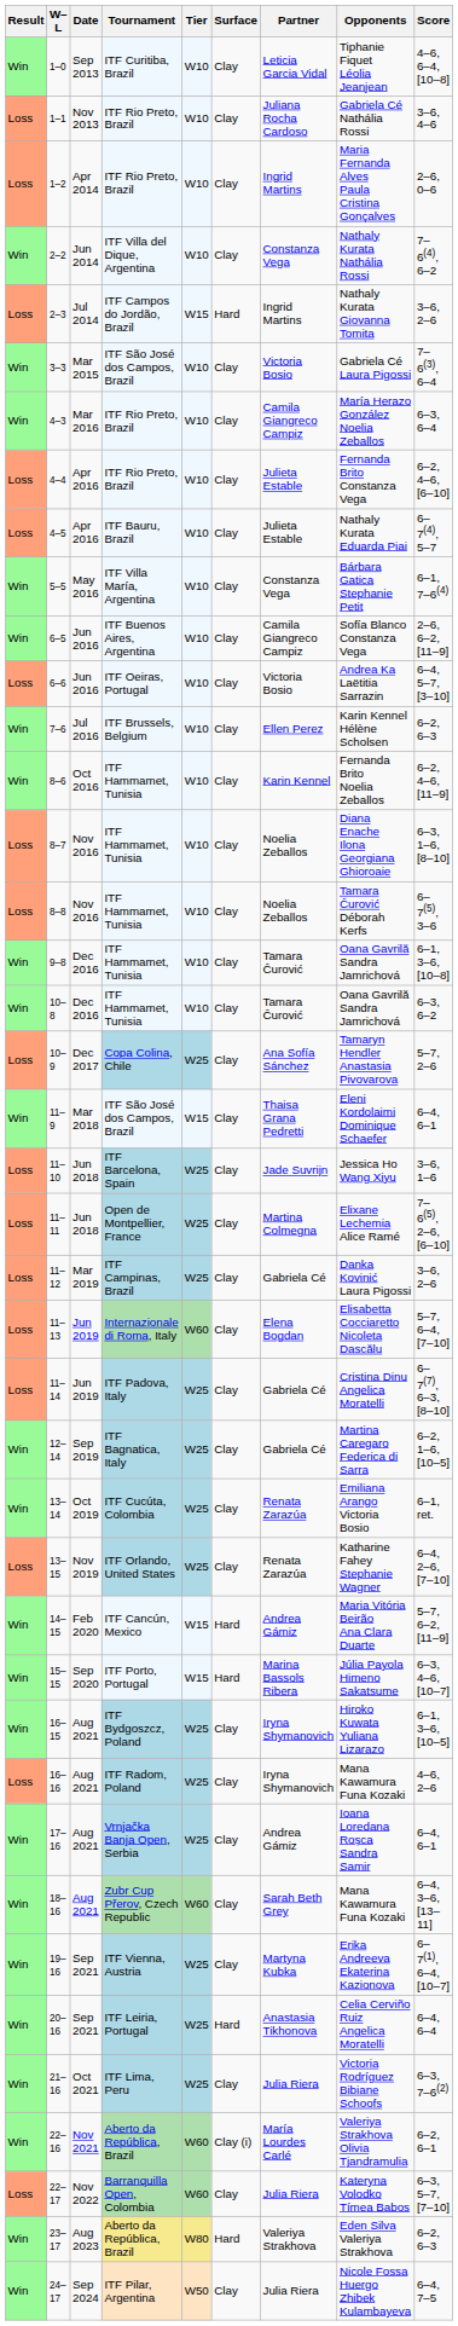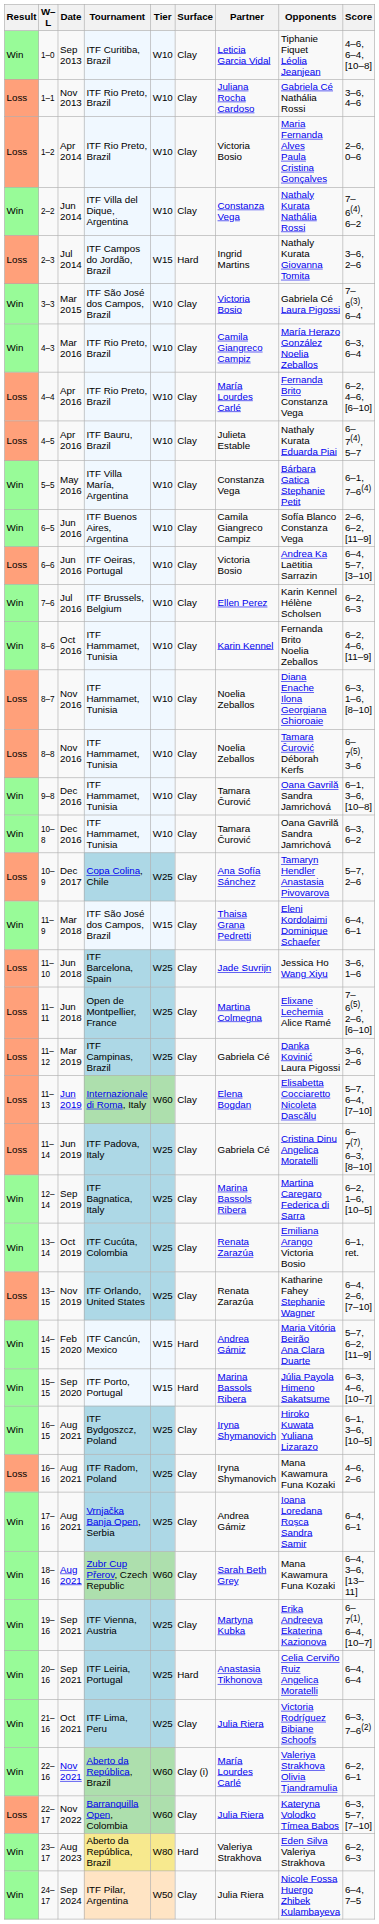 <table class="sortable wikitable">
 <tr>
 <th>Result</th>
 <th class="unsortable">W–L</th>
 <th>Date</th>
 <th>Tournament</th>
 <th>Tier</th>
 <th>Surface</th>
 <th>Partner</th>
 <th>Opponents</th>
 <th class="unsortable">Score</th>
 </tr>
 <tr>
 <td bgcolor="98FB98">Win</td>
 <td><small>1–0</small></td>
 <td>Sep 2013</td>
 <td style="background:#f0f8ff;">ITF Curitiba, Brazil</td>
 <td style="background:#f0f8ff;">W10</td>
 <td>Clay</td>
 <td> <a href='#'>Leticia Garcia Vidal</a></td>
 <td> Tiphanie Fiquet <br>  <a href='#'>Léolia Jeanjean</a></td>
 <td>4–6, 6–4, [10–8]</td>
 </tr>
 <tr>
 <td style="background:#ffa07a;">Loss</td>
 <td><small>1–1</small></td>
 <td>Nov 2013</td>
 <td style="background:#f0f8ff;">ITF Rio Preto, Brazil</td>
 <td style="background:#f0f8ff;">W10</td>
 <td>Clay</td>
 <td> <a href='#'>Juliana Rocha Cardoso</a></td>
 <td> <a href='#'>Gabriela Cé</a> <br>  Nathália Rossi</td>
 <td>3–6, 4–6</td>
 </tr>
 <tr>
 <td style="background:#ffa07a;">Loss</td>
 <td><small>1–2</small></td>
 <td>Apr 2014</td>
 <td style="background:#f0f8ff;">ITF Rio Preto, Brazil</td>
 <td style="background:#f0f8ff;">W10</td>
 <td>Clay</td>
-<td> <a href='#'>Ingrid Martins</a></td>
+<td> Victoria Bosio</td>
 <td> <a href='#'>Maria Fernanda Alves</a> <br>  <a href='#'>Paula Cristina Gonçalves</a></td>
 <td>2–6, 0–6</td>
 </tr>
 <tr>
 <td bgcolor="98FB98">Win</td>
 <td><small>2–2</small></td>
 <td>Jun 2014</td>
 <td style="background:#f0f8ff;">ITF Villa del Dique, Argentina</td>
 <td style="background:#f0f8ff;">W10</td>
 <td>Clay</td>
 <td> <a href='#'>Constanza Vega</a></td>
 <td> <a href='#'>Nathaly Kurata</a> <br>  <a href='#'>Nathália Rossi</a></td>
 <td>7–6<sup>(4)</sup>, 6–2</td>
 </tr>
 <tr>
 <td style="background:#ffa07a;">Loss</td>
 <td><small>2–3</small></td>
 <td>Jul 2014</td>
 <td style="background:#f0f8ff;">ITF Campos do Jordão, Brazil</td>
 <td style="background:#f0f8ff;">W15</td>
 <td>Hard</td>
 <td> Ingrid Martins</td>
 <td> Nathaly Kurata <br>  <a href='#'>Giovanna Tomita</a></td>
 <td>3–6, 2–6</td>
 </tr>
 <tr>
 <td style="background:#98fb98;">Win</td>
 <td><small>3–3</small></td>
 <td>Mar 2015</td>
 <td style="background:#f0f8ff;">ITF São José dos Campos, Brazil</td>
 <td style="background:#f0f8ff;">W10</td>
 <td>Clay</td>
 <td> <a href='#'>Victoria Bosio</a></td>
 <td> Gabriela Cé <br>  <a href='#'>Laura Pigossi</a></td>
 <td>7–6<sup>(3)</sup>, 6–4</td>
 </tr>
 <tr>
 <td style="background:#98fb98;">Win</td>
 <td><small>4–3</small></td>
 <td>Mar 2016</td>
 <td style="background:#f0f8ff;">ITF Rio Preto, Brazil</td>
 <td style="background:#f0f8ff;">W10</td>
 <td>Clay</td>
 <td> <a href='#'>Camila Giangreco Campiz</a></td>
 <td> <a href='#'>María Herazo González</a> <br>  <a href='#'>Noelia Zeballos</a></td>
 <td>6–3, 6–4</td>
 </tr>
 <tr>
 <td style="background:#ffa07a;">Loss</td>
 <td><small>4–4</small></td>
 <td>Apr 2016</td>
 <td style="background:#f0f8ff;">ITF Rio Preto, Brazil</td>
 <td style="background:#f0f8ff;">W10</td>
 <td>Clay</td>
-<td> <a href='#'>Julieta Estable</a></td>
+<td> <a href='#'>María Lourdes Carlé</a></td>
 <td> <a href='#'>Fernanda Brito</a> <br>  Constanza Vega</td>
 <td>6–2, 4–6, [6–10]</td>
 </tr>
 <tr>
 <td style="background:#ffa07a;">Loss</td>
 <td><small>4–5</small></td>
 <td>Apr 2016</td>
 <td style="background:#f0f8ff;">ITF Bauru, Brazil</td>
 <td style="background:#f0f8ff;">W10</td>
 <td>Clay</td>
 <td> Julieta Estable</td>
 <td> Nathaly Kurata <br>  <a href='#'>Eduarda Piai</a></td>
 <td>6–7<sup>(4)</sup>, 5–7</td>
 </tr>
 <tr>
 <td style="background:#98fb98;">Win</td>
 <td><small>5–5</small></td>
 <td>May 2016</td>
 <td style="background:#f0f8ff;">ITF Villa María, Argentina</td>
 <td style="background:#f0f8ff;">W10</td>
 <td>Clay</td>
 <td> Constanza Vega</td>
 <td> <a href='#'>Bárbara Gatica</a> <br>  <a href='#'>Stephanie Petit</a></td>
 <td>6–1, 7–6<sup>(4)</sup></td>
 </tr>
 <tr>
 <td style="background:#98fb98;">Win</td>
 <td><small>6–5</small></td>
 <td>Jun 2016</td>
 <td style="background:#f0f8ff;">ITF Buenos Aires, Argentina</td>
 <td style="background:#f0f8ff;">W10</td>
 <td>Clay</td>
 <td> Camila Giangreco Campiz</td>
 <td> Sofía Blanco <br>  Constanza Vega</td>
 <td>2–6, 6–2, [11–9]</td>
 </tr>
 <tr>
 <td style="background:#ffa07a;">Loss</td>
 <td><small>6–6</small></td>
 <td>Jun 2016</td>
 <td style="background:#f0f8ff;">ITF Oeiras, Portugal</td>
 <td style="background:#f0f8ff;">W10</td>
 <td>Clay</td>
 <td> Victoria Bosio</td>
 <td> <a href='#'>Andrea Ka</a> <br>  Laëtitia Sarrazin</td>
 <td>6–4, 5–7, [3–10]</td>
 </tr>
 <tr>
 <td style="background:#98fb98;">Win</td>
 <td><small>7–6</small></td>
 <td>Jul 2016</td>
 <td style="background:#f0f8ff;">ITF Brussels, Belgium</td>
 <td style="background:#f0f8ff;">W10</td>
 <td>Clay</td>
 <td> <a href='#'>Ellen Perez</a></td>
 <td> Karin Kennel <br>  Hélène Scholsen</td>
 <td>6–2, 6–3</td>
 </tr>
 <tr>
 <td style="background:#98fb98;">Win</td>
 <td><small>8–6</small></td>
 <td>Oct 2016</td>
 <td style="background:#f0f8ff;">ITF Hammamet, Tunisia</td>
 <td style="background:#f0f8ff;">W10</td>
 <td>Clay</td>
 <td> <a href='#'>Karin Kennel</a></td>
 <td> Fernanda Brito <br>  Noelia Zeballos</td>
 <td>6–2, 4–6, [11–9]</td>
 </tr>
 <tr>
 <td style="background:#ffa07a;">Loss</td>
 <td><small>8–7</small></td>
 <td>Nov 2016</td>
 <td style="background:#f0f8ff;">ITF Hammamet, Tunisia</td>
 <td style="background:#f0f8ff;">W10</td>
 <td>Clay</td>
 <td> Noelia Zeballos</td>
 <td> <a href='#'>Diana Enache</a> <br>  <a href='#'>Ilona Georgiana Ghioroaie</a></td>
 <td>6–3, 1–6, [8–10]</td>
 </tr>
 <tr>
 <td style="background:#ffa07a;">Loss</td>
 <td><small>8–8</small></td>
 <td>Nov 2016</td>
 <td style="background:#f0f8ff;">ITF Hammamet, Tunisia</td>
 <td style="background:#f0f8ff;">W10</td>
 <td>Clay</td>
 <td> Noelia Zeballos</td>
 <td> <a href='#'>Tamara Čurović</a> <br>  Déborah Kerfs</td>
 <td>6–7<sup>(5)</sup>, 3–6</td>
 </tr>
 <tr>
 <td style="background:#98fb98;">Win</td>
 <td><small>9–8</small></td>
 <td>Dec 2016</td>
 <td style="background:#f0f8ff;">ITF Hammamet, Tunisia</td>
 <td style="background:#f0f8ff;">W10</td>
 <td>Clay</td>
 <td> Tamara Čurović</td>
 <td> <a href='#'>Oana Gavrilă</a> <br>  Sandra Jamrichová</td>
 <td>6–1, 3–6, [10–8]</td>
 </tr>
 <tr>
 <td style="background:#98fb98;">Win</td>
 <td><small>10–8</small></td>
 <td>Dec 2016</td>
 <td style="background:#f0f8ff;">ITF Hammamet, Tunisia</td>
 <td style="background:#f0f8ff;">W10</td>
 <td>Clay</td>
 <td> Tamara Čurović</td>
 <td> Oana Gavrilă <br>  Sandra Jamrichová</td>
 <td>6–3, 6–2</td>
 </tr>
 <tr>
 <td style="background:#ffa07a;">Loss</td>
 <td><small>10–9</small></td>
 <td>Dec 2017</td>
 <td style="background:lightblue;"><a href='#'>Copa Colina</a>, Chile</td>
 <td style="background:lightblue;">W25</td>
 <td>Clay</td>
 <td> <a href='#'>Ana Sofía Sánchez</a></td>
 <td> <a href='#'>Tamaryn Hendler</a> <br>  <a href='#'>Anastasia Pivovarova</a></td>
 <td>5–7, 2–6</td>
 </tr>
 <tr>
 <td style="background:#98fb98;">Win</td>
 <td><small>11–9</small></td>
 <td>Mar 2018</td>
 <td style="background:#f0f8ff;">ITF São José dos Campos, Brazil</td>
 <td style="background:#f0f8ff;">W15</td>
 <td>Clay</td>
 <td> <a href='#'>Thaisa Grana Pedretti</a></td>
 <td> <a href='#'>Eleni Kordolaimi</a> <br>  <a href='#'>Dominique Schaefer</a></td>
 <td>6–4, 6–1</td>
 </tr>
 <tr>
 <td style="background:#ffa07a;">Loss</td>
 <td><small>11–10</small></td>
 <td>Jun 2018</td>
 <td style="background:lightblue;">ITF Barcelona, Spain</td>
 <td style="background:lightblue;">W25</td>
 <td>Clay</td>
 <td> <a href='#'>Jade Suvrijn</a></td>
 <td> Jessica Ho <br>  <a href='#'>Wang Xiyu</a></td>
 <td>3–6, 1–6</td>
 </tr>
 <tr>
 <td style="background:#ffa07a;">Loss</td>
 <td><small>11–11</small></td>
 <td>Jun 2018</td>
 <td style="background:lightblue;">Open de Montpellier, France</td>
 <td style="background:lightblue;">W25</td>
 <td>Clay</td>
 <td> <a href='#'>Martina Colmegna</a></td>
 <td> <a href='#'>Elixane Lechemia</a> <br>  Alice Ramé</td>
 <td>7–6<sup>(5)</sup>, 2–6, [6–10]</td>
 </tr>
 <tr>
 <td style="background:#ffa07a;">Loss</td>
 <td><small>11–12</small></td>
 <td>Mar 2019</td>
 <td style="background:lightblue;">ITF Campinas, Brazil</td>
 <td style="background:lightblue;">W25</td>
 <td>Clay</td>
 <td> Gabriela Cé</td>
 <td> <a href='#'>Danka Kovinić</a> <br>  Laura Pigossi</td>
 <td>3–6, 2–6</td>
 </tr>
 <tr>
 <td style="background:#ffa07a;">Loss</td>
 <td><small>11–13</small></td>
 <td><a href='#'>Jun 2019</a></td>
 <td style="background:#addfad;"><a href='#'>Internazionale di Roma</a>, Italy</td>
 <td style="background:#addfad;">W60</td>
 <td>Clay</td>
 <td> <a href='#'>Elena Bogdan</a></td>
 <td> <a href='#'>Elisabetta Cocciaretto</a> <br>  <a href='#'>Nicoleta Dascălu</a></td>
 <td>5–7, 6–4, [7–10]</td>
 </tr>
 <tr>
 <td style="background:#ffa07a;">Loss</td>
 <td><small>11–14</small></td>
 <td>Jun 2019</td>
 <td style="background:lightblue;">ITF Padova, Italy</td>
 <td style="background:lightblue;">W25</td>
 <td>Clay</td>
 <td> Gabriela Cé</td>
 <td> <a href='#'>Cristina Dinu</a> <br>  <a href='#'>Angelica Moratelli</a></td>
 <td>6–7<sup>(7)</sup>, 6–3, [8–10]</td>
 </tr>
 <tr>
 <td style="background:#98fb98;">Win</td>
 <td><small>12–14</small></td>
 <td>Sep 2019</td>
 <td style="background:lightblue;">ITF Bagnatica, Italy</td>
 <td style="background:lightblue;">W25</td>
 <td>Clay</td>
-<td> Gabriela Cé</td>
+<td> <a href='#'>Marina Bassols Ribera</a></td>
 <td> <a href='#'>Martina Caregaro</a> <br>  <a href='#'>Federica di Sarra</a></td>
 <td>6–2, 1–6, [10–5]</td>
 </tr>
 <tr>
 <td style="background:#98fb98;">Win</td>
 <td><small>13–14</small></td>
 <td>Oct 2019</td>
 <td style="background:lightblue;">ITF Cucúta, Colombia</td>
 <td style="background:lightblue;">W25</td>
 <td>Clay</td>
 <td> <a href='#'>Renata Zarazúa</a></td>
 <td> <a href='#'>Emiliana Arango</a> <br>  Victoria Bosio</td>
 <td>6–1, ret.</td>
 </tr>
 <tr>
 <td style="background:#ffa07a;">Loss</td>
 <td><small>13–15</small></td>
 <td>Nov 2019</td>
 <td style="background:lightblue;">ITF Orlando, United States</td>
 <td style="background:lightblue;">W25</td>
 <td>Clay</td>
 <td> Renata Zarazúa</td>
 <td> Katharine Fahey <br>  <a href='#'>Stephanie Wagner</a></td>
 <td>6–4, 2–6, [7–10]</td>
 </tr>
 <tr>
 <td style="background:#98fb98;">Win</td>
 <td><small>14–15</small></td>
 <td>Feb 2020</td>
 <td style="background:#f0f8ff;">ITF Cancún, Mexico</td>
 <td style="background:#f0f8ff;">W15</td>
 <td>Hard</td>
 <td> <a href='#'>Andrea Gámiz</a></td>
 <td> <a href='#'>Maria Vitória Beirão</a> <br>  <a href='#'>Ana Clara Duarte</a></td>
 <td>5–7, 6–2, [11–9]</td>
 </tr>
 <tr>
 <td style="background:#98fb98;">Win</td>
 <td><small>15–15</small></td>
 <td>Sep 2020</td>
 <td style="background:#f0f8ff;">ITF Porto, Portugal</td>
 <td style="background:#f0f8ff;">W15</td>
 <td>Hard</td>
 <td> <a href='#'>Marina Bassols Ribera</a></td>
 <td> <a href='#'>Júlia Payola</a> <br>  <a href='#'>Himeno Sakatsume</a></td>
 <td>6–3, 4–6, [10–7]</td>
 </tr>
 <tr>
 <td style="background:#98fb98;">Win</td>
 <td><small>16–15</small></td>
 <td>Aug 2021</td>
 <td style="background:lightblue;">ITF Bydgoszcz, Poland</td>
 <td style="background:lightblue;">W25</td>
 <td>Clay</td>
 <td> <a href='#'>Iryna Shymanovich</a></td>
 <td> <a href='#'>Hiroko Kuwata</a> <br>  <a href='#'>Yuliana Lizarazo</a></td>
 <td>6–1, 3–6, [10–5]</td>
 </tr>
 <tr>
 <td style="background:#ffa07a;">Loss</td>
 <td><small>16–16</small></td>
 <td>Aug 2021</td>
 <td style="background:lightblue;">ITF Radom, Poland</td>
 <td style="background:lightblue;">W25</td>
 <td>Clay</td>
 <td> Iryna Shymanovich</td>
 <td> Mana Kawamura <br>  Funa Kozaki</td>
 <td>4–6, 2–6</td>
 </tr>
 <tr>
 <td style="background:#98fb98;">Win</td>
 <td><small>17–16</small></td>
 <td>Aug 2021</td>
 <td style="background:lightblue;"><a href='#'>Vrnjačka Banja Open</a>, Serbia</td>
 <td style="background:lightblue;">W25</td>
 <td>Clay</td>
 <td> Andrea Gámiz</td>
 <td> <a href='#'>Ioana Loredana Roșca</a> <br>  <a href='#'>Sandra Samir</a></td>
 <td>6–4, 6–1</td>
 </tr>
 <tr>
 <td style="background:#98fb98;">Win</td>
 <td><small>18–16</small></td>
 <td><a href='#'>Aug 2021</a></td>
 <td style="background:#addfad;"><a href='#'>Zubr Cup Přerov</a>, Czech Republic</td>
 <td style="background:#addfad;">W60</td>
 <td>Clay</td>
 <td> <a href='#'>Sarah Beth Grey</a></td>
 <td> Mana Kawamura <br>  Funa Kozaki</td>
 <td>6–4, 3–6, [13–11]</td>
 </tr>
 <tr>
 <td style="background:#98fb98;">Win</td>
 <td><small>19–16</small></td>
 <td>Sep 2021</td>
 <td style="background:lightblue;">ITF Vienna, Austria</td>
 <td style="background:lightblue;">W25</td>
 <td>Clay</td>
 <td> <a href='#'>Martyna Kubka</a></td>
 <td> <a href='#'>Erika Andreeva</a> <br>  <a href='#'>Ekaterina Kazionova</a></td>
 <td>6–7<sup>(1)</sup>, 6–4, [10–7]</td>
 </tr>
 <tr>
 <td style="background:#98fb98;">Win</td>
 <td><small>20–16</small></td>
 <td>Sep 2021</td>
 <td style="background:lightblue;">ITF Leiria, Portugal</td>
 <td style="background:lightblue;">W25</td>
 <td>Hard</td>
 <td> <a href='#'>Anastasia Tikhonova</a></td>
 <td> <a href='#'>Celia Cerviño Ruiz</a> <br>  <a href='#'>Angelica Moratelli</a></td>
 <td>6–4, 6–4</td>
 </tr>
 <tr>
 <td style="background:#98fb98;">Win</td>
 <td><small>21–16</small></td>
 <td>Oct 2021</td>
 <td style="background:lightblue;">ITF Lima, Peru</td>
 <td style="background:lightblue;">W25</td>
 <td>Clay</td>
 <td> <a href='#'>Julia Riera</a></td>
 <td> <a href='#'>Victoria Rodríguez</a> <br>  <a href='#'>Bibiane Schoofs</a></td>
 <td>6–3, 7–6<sup>(2)</sup></td>
 </tr>
 <tr>
 <td style="background:#98fb98;">Win</td>
 <td><small>22–16</small></td>
 <td><a href='#'>Nov 2021</a></td>
 <td style="background:#addfad;"><a href='#'>Aberto da República</a>, Brazil</td>
 <td style="background:#addfad;">W60</td>
 <td>Clay (i)</td>
 <td> <a href='#'>María Lourdes Carlé</a></td>
 <td> <a href='#'>Valeriya Strakhova</a> <br>  <a href='#'>Olivia Tjandramulia</a></td>
 <td>6–2, 6–1</td>
 </tr>
 <tr>
 <td style="background:#ffa07a;">Loss</td>
 <td><small>22–17</small></td>
 <td>Nov 2022</td>
 <td style="background:#addfad;"><a href='#'>Barranquilla Open</a>, Colombia</td>
 <td style="background:#addfad;">W60</td>
 <td>Clay</td>
 <td> <a href='#'>Julia Riera</a></td>
 <td> <a href='#'>Kateryna Volodko</a> <br>  <a href='#'>Tímea Babos</a></td>
 <td>6–3, 5–7, [7–10]</td>
 </tr>
 <tr>
 <td style="background:#98fb98;">Win</td>
 <td><small>23–17</small></td>
 <td>Aug 2023</td>
 <td style="background:#f7e98e;">Aberto da República, Brazil</td>
 <td style="background:#f7e98e;">W80</td>
 <td>Hard</td>
 <td> Valeriya Strakhova</td>
 <td> <a href='#'>Eden Silva</a> <br>  Valeriya Strakhova</td>
 <td>6–2, 6–3</td>
 </tr>
 <tr>
 <td style="background:#98fb98;">Win</td>
 <td><small>24–17</small></td>
 <td>Sep 2024</td>
 <td style="background:#ffe4c4;">ITF Pilar, Argentina</td>
 <td style="background:#ffe4c4;">W50</td>
 <td>Clay</td>
 <td> Julia Riera</td>
 <td> <a href='#'>Nicole Fossa Huergo</a> <br>  <a href='#'>Zhibek Kulambayeva</a></td>
 <td>6–4, 7–5</td>
 </tr>
 </table>
